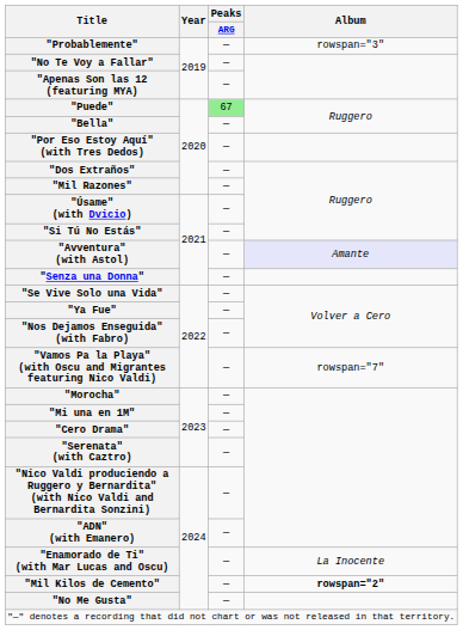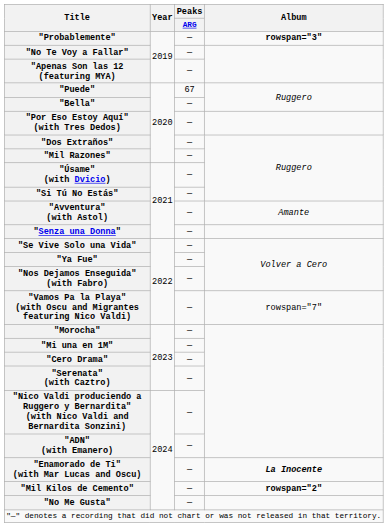 <table class="wikitable plainrowheaders" style="text-align:center;">
 <tr>
 <th scope="col" rowspan="2" style="width:16.5em;">Title</th>
 <th scope="col" rowspan="2" style="width:1em;">Year</th>
 <th scope="col" colspan="1">Peaks</th>
 <th scope="col" rowspan="2">Album</th>
 </tr>
 <tr>
 <th scope="col" style="width:3em;font-size:90%;"><a href='#'>ARG</a><br></th>
 </tr>
 <tr>
 <th scope="row">"Probablemente"</th>
 <td rowspan="3">2019</td>
 <td>—</td>
-<td>rowspan="3" </td>
+<td><strong>rowspan="3" </strong></td>
 </tr>
 <tr>
 <th scope="row">"No Te Voy a Fallar"</th>
 <td>—</td>
 </tr>
 <tr>
 <th scope="row">"Apenas Son las 12<br><span>(featuring MYA)</span></th>
 <td>—</td>
 </tr>
 <tr>
 <th scope="row">"Puede"</th>
 <td rowspan="5">2020</td>
-<td style="background: lightgreen;">67</td>
+<td>67</td>
 <td rowspan="2"><em>Ruggero</em></td>
 </tr>
 <tr>
 <th scope="row">"Bella"</th>
 <td>—</td>
 </tr>
 <tr>
 <th scope="row">"Por Eso Estoy Aquí"<br><span>(with Tres Dedos)</span></th>
 <td>—</td>
 <td></td>
 </tr>
 <tr>
 <th scope="row">"Dos Extraños"</th>
 <td>—</td>
 <td rowspan="4"><em>Ruggero</em></td>
 </tr>
 <tr>
 <th scope="row">"Mil Razones"</th>
 <td>—</td>
 </tr>
 <tr>
 <th scope="row">"Úsame"<br><span>(with <a href='#'>Dvicio</a>)</span></th>
 <td rowspan="4">2021</td>
 <td>—</td>
 </tr>
 <tr>
 <th scope="row">"Si Tú No Estás"</th>
 <td>—</td>
 </tr>
 <tr>
 <th scope="row">"Avventura"<br><span>(with Astol)</span></th>
 <td>—</td>
-<td style="background: lavender;"><em>Amante</em></td>
+<td><em>Amante</em></td>
 </tr>
 <tr>
 <th scope="row">"<a href='#'>Senza una Donna</a>"</th>
 <td>—</td>
 <td></td>
 </tr>
 <tr>
 <th scope="row">"Se Vive Solo una Vida"</th>
 <td rowspan="4">2022</td>
 <td>—</td>
 <td rowspan="3"><em>Volver a Cero</em></td>
 </tr>
 <tr>
 <th scope="row">"Ya Fue"</th>
 <td>—</td>
 </tr>
 <tr>
 <th scope="row">"Nos Dejamos Enseguida"<br><span>(with Fabro)</span></th>
 <td>—</td>
 </tr>
 <tr>
 <th scope="row">"Vamos Pa la Playa"<br><span>(with Oscu and Migrantes featuring Nico Valdi)</span></th>
 <td>—</td>
 <td>rowspan="7" </td>
 </tr>
 <tr>
 <th scope="row">"Morocha"</th>
 <td rowspan="4">2023</td>
 <td>—</td>
 </tr>
 <tr>
 <th scope="row">"Mi una en 1M"</th>
 <td>—</td>
 </tr>
 <tr>
 <th scope="row">"Cero Drama"</th>
 <td>—</td>
 </tr>
 <tr>
 <th scope="row">"Serenata"<br><span>(with Caztro)</span></th>
 <td>—</td>
 </tr>
 <tr>
 <th scope="row">"Nico Valdi produciendo a Ruggero y Bernardita"<br><span>(with Nico Valdi and Bernardita Sonzini)</span></th>
 <td rowspan="5">2024</td>
 <td>—</td>
 </tr>
 <tr>
 <th scope="row">"ADN"<br><span>(with Emanero)</span></th>
 <td>—</td>
 </tr>
 <tr>
 <th scope="row">"Enamorado de Ti"<br><span>(with Mar Lucas and Oscu)</span></th>
 <td>—</td>
-<td><em>La Inocente</em></td>
+<td><strong><em>La Inocente</em></strong></td>
 </tr>
 <tr>
 <th scope="row">"Mil Kilos de Cemento"</th>
 <td>—</td>
 <td><strong>rowspan="2" </strong></td>
 </tr>
 <tr>
 <th scope="row">"No Me Gusta"</th>
 <td>—</td>
 </tr>
 <tr>
 <td colspan="14" style="font-size:90%">"—" denotes a recording that did not chart or was not released in that territory.</td>
 </tr>
 </table>
